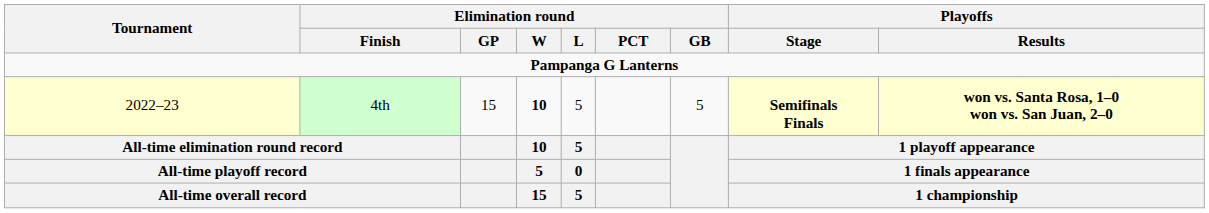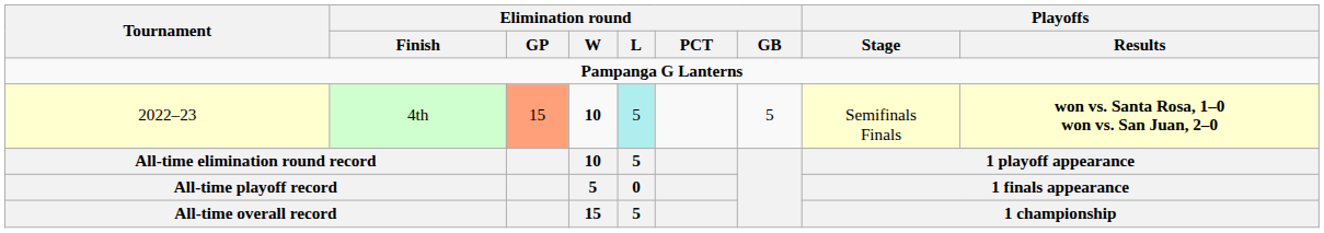 <table class=wikitable style="width:100%; text-align:center">
 <tr>
 <th rowspan="2">Tournament</th>
 <th colspan="6">Elimination round</th>
 <th colspan="2">Playoffs</th>
 </tr>
 <tr>
 <th>Finish</th>
 <th>GP</th>
 <th>W</th>
 <th>L</th>
 <th>PCT</th>
 <th>GB</th>
 <th>Stage</th>
 <th>Results</th>
 </tr>
 <tr>
 <td colspan=10><span><strong>Pampanga G Lanterns</strong></span></td>
 </tr>
 <tr>
 <td bgcolor="FFFFCF">2022–23 <br> </td>
 <td bgcolor="CFFFCF">4th</td>
-<td>15</td>
+<td style="background: lightsalmon;">15</td>
 <td><strong>10</strong></td>
-<td>5</td>
+<td style="background: paleturquoise;">5</td>
 <td></td>
 <td>5</td>
-<td bgcolor="FFFFCF"><strong> <br> Semifinals <br> Finals</strong></td>
+<td bgcolor="FFFFCF"> <br> Semifinals <br> Finals</td>
 <td bgcolor="FFFFCF"><strong>won vs. Santa Rosa, 1–0</strong> <br> <strong>won vs. San Juan, 2–0</strong> <br> </td>
 </tr>
 <tr>
 <th colspan="2">All-time elimination round record</th>
 <th></th>
 <th>10</th>
 <th>5</th>
 <th></th>
 <th rowspan="3"></th>
 <th colspan="2">1 playoff appearance</th>
 </tr>
 <tr>
 <th colspan="2">All-time playoff record</th>
 <th></th>
 <th>5</th>
 <th>0</th>
 <th></th>
 <th colspan="2">1 finals appearance</th>
 </tr>
 <tr>
 <th colspan="2">All-time overall record</th>
 <th></th>
 <th>15</th>
 <th>5</th>
 <th></th>
 <th colspan="2">1 championship</th>
 </tr>
 </table>
